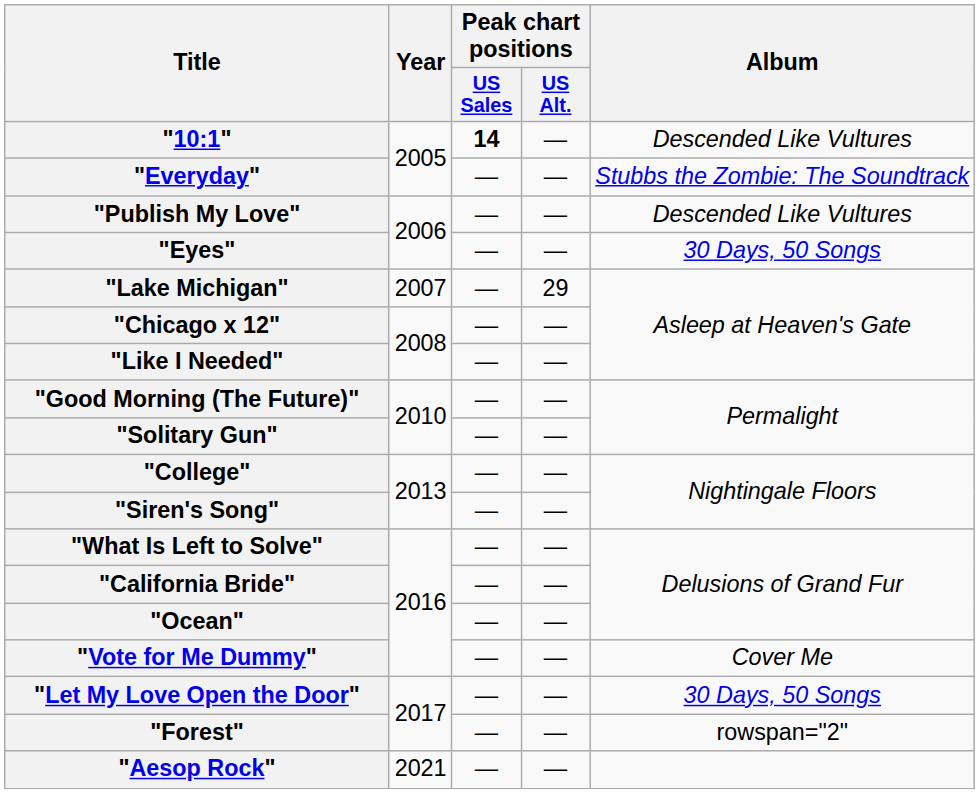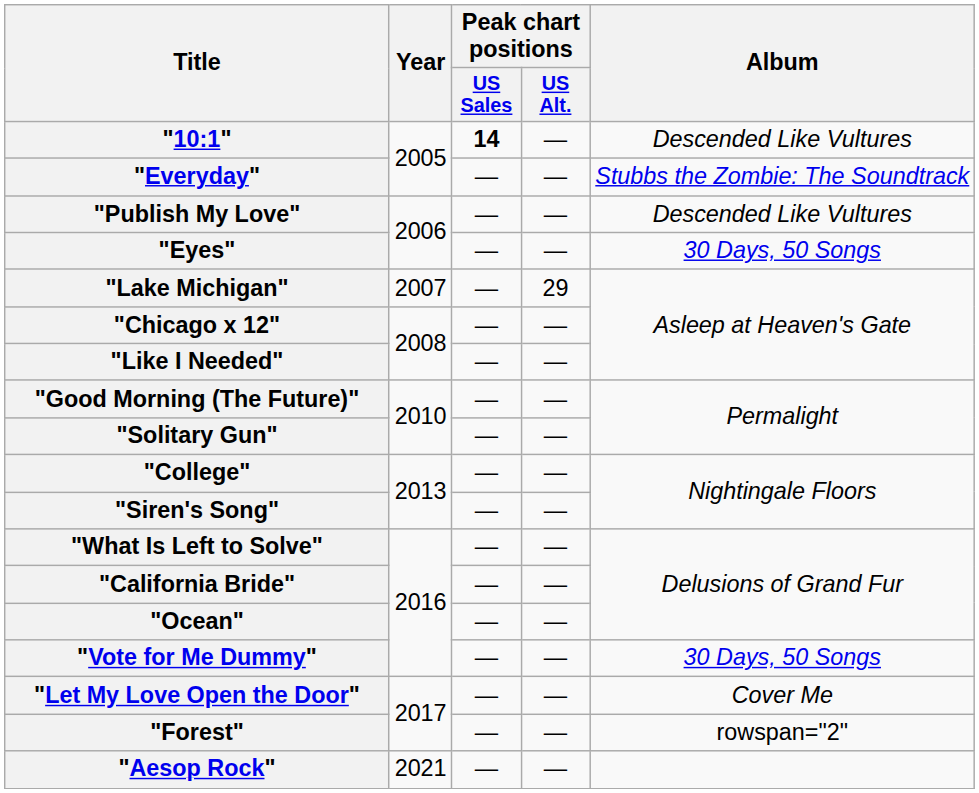 <table class="wikitable plainrowheaders" style="text-align:center;">
 <tr>
 <th scope="col" rowspan="2" style="width:16em;">Title</th>
 <th scope="col" rowspan="2">Year</th>
 <th scope="col" colspan="2">Peak chart positions</th>
 <th scope="col" rowspan="2">Album</th>
 </tr>
 <tr>
 <th scope="col" style="width:3em;font-size:85%;"><a href='#'>US<br>Sales</a><br></th>
 <th scope="col" style="width:3em;font-size:85%;"><a href='#'>US Alt.</a><br></th>
 </tr>
 <tr>
 <th scope="row">"<a href='#'>10:1</a>"</th>
 <td rowspan="2">2005</td>
 <td><strong>14</strong></td>
 <td>—</td>
 <td><em>Descended Like Vultures</em></td>
 </tr>
 <tr>
 <th scope="row">"<a href='#'>Everyday</a>"</th>
 <td>—</td>
 <td>—</td>
 <td><em><a href='#'>Stubbs the Zombie: The Soundtrack</a></em></td>
 </tr>
 <tr>
 <th scope="row">"Publish My Love"</th>
 <td rowspan="2">2006</td>
 <td>—</td>
 <td>—</td>
 <td><em>Descended Like Vultures</em></td>
 </tr>
 <tr>
 <th scope="row">"Eyes"</th>
 <td>—</td>
 <td>—</td>
 <td><em><a href='#'>30 Days, 50 Songs</a></em></td>
 </tr>
 <tr>
 <th scope="row">"Lake Michigan"</th>
 <td>2007</td>
 <td>—</td>
 <td>29</td>
 <td rowspan="3"><em>Asleep at Heaven's Gate</em></td>
 </tr>
 <tr>
 <th scope="row">"Chicago x 12"</th>
 <td rowspan="2">2008</td>
 <td>—</td>
 <td>—</td>
 </tr>
 <tr>
 <th scope="row">"Like I Needed"</th>
 <td>—</td>
 <td>—</td>
 </tr>
 <tr>
 <th scope="row">"Good Morning (The Future)"</th>
 <td rowspan="2">2010</td>
 <td>—</td>
 <td>—</td>
 <td rowspan="2"><em>Permalight</em></td>
 </tr>
 <tr>
 <th scope="row">"Solitary Gun"</th>
 <td>—</td>
 <td>—</td>
 </tr>
 <tr>
 <th scope="row">"College"</th>
 <td rowspan="2">2013</td>
 <td>—</td>
 <td>—</td>
 <td rowspan="2"><em>Nightingale Floors</em></td>
 </tr>
 <tr>
 <th scope="row">"Siren's Song"</th>
 <td>—</td>
 <td>—</td>
 </tr>
 <tr>
 <th scope="row">"What Is Left to Solve"</th>
 <td rowspan="4">2016</td>
 <td>—</td>
 <td>—</td>
 <td rowspan="3"><em>Delusions of Grand Fur</em></td>
 </tr>
 <tr>
 <th scope="row">"California Bride"</th>
 <td>—</td>
 <td>—</td>
 </tr>
 <tr>
 <th scope="row">"Ocean"</th>
 <td>—</td>
 <td>—</td>
 </tr>
 <tr>
 <th scope="row">"<a href='#'>Vote for Me Dummy</a>"</th>
 <td>—</td>
 <td>—</td>
-<td><em>Cover Me</em></td>
+<td><em><a href='#'>30 Days, 50 Songs</a></em></td>
 </tr>
 <tr>
 <th scope="row">"<a href='#'>Let My Love Open the Door</a>"</th>
 <td rowspan="2">2017</td>
 <td>—</td>
 <td>—</td>
-<td><em><a href='#'>30 Days, 50 Songs</a></em></td>
+<td><em>Cover Me</em></td>
 </tr>
 <tr>
 <th scope="row">"Forest"</th>
 <td>—</td>
 <td>—</td>
 <td>rowspan="2" </td>
 </tr>
 <tr>
 <th scope="row">"<a href='#'>Aesop Rock</a>"</th>
 <td>2021</td>
 <td>—</td>
 <td>—</td>
 </tr>
 <tr>
 </tr>
 </table>
